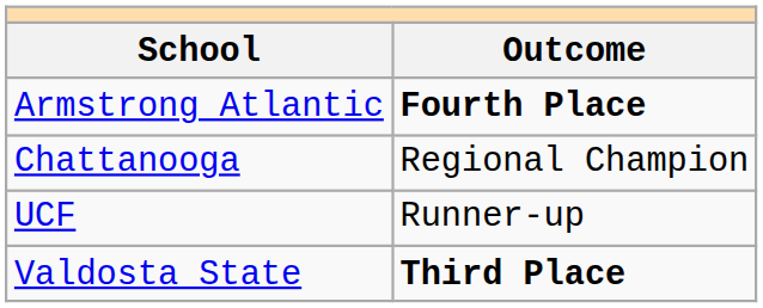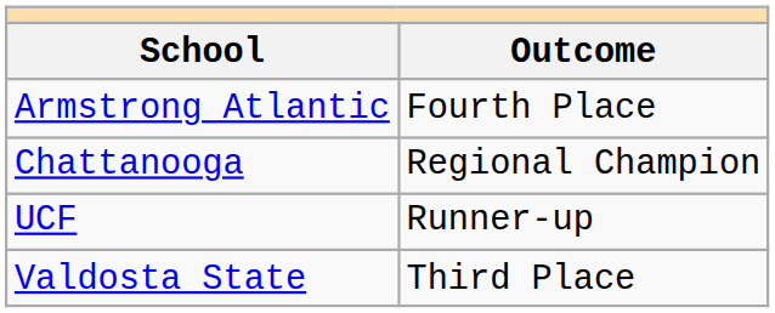 <table class="wikitable" style="float:left; margin-right:1em;">
 <tr>
 <th colspan="3" style="background:#ffdead;"></th>
 </tr>
 <tr>
 <th>School</th>
 <th>Outcome</th>
 </tr>
 <tr>
 <td><a href='#'>Armstrong Atlantic</a></td>
-<td><strong>Fourth Place</strong></td>
+<td>Fourth Place</td>
 </tr>
 <tr>
 <td><a href='#'>Chattanooga</a></td>
 <td>Regional Champion</td>
 </tr>
 <tr>
 <td><a href='#'>UCF</a></td>
 <td>Runner-up</td>
 </tr>
 <tr>
 <td><a href='#'>Valdosta State</a></td>
-<td><strong>Third Place</strong></td>
+<td>Third Place</td>
 </tr>
 </table>
